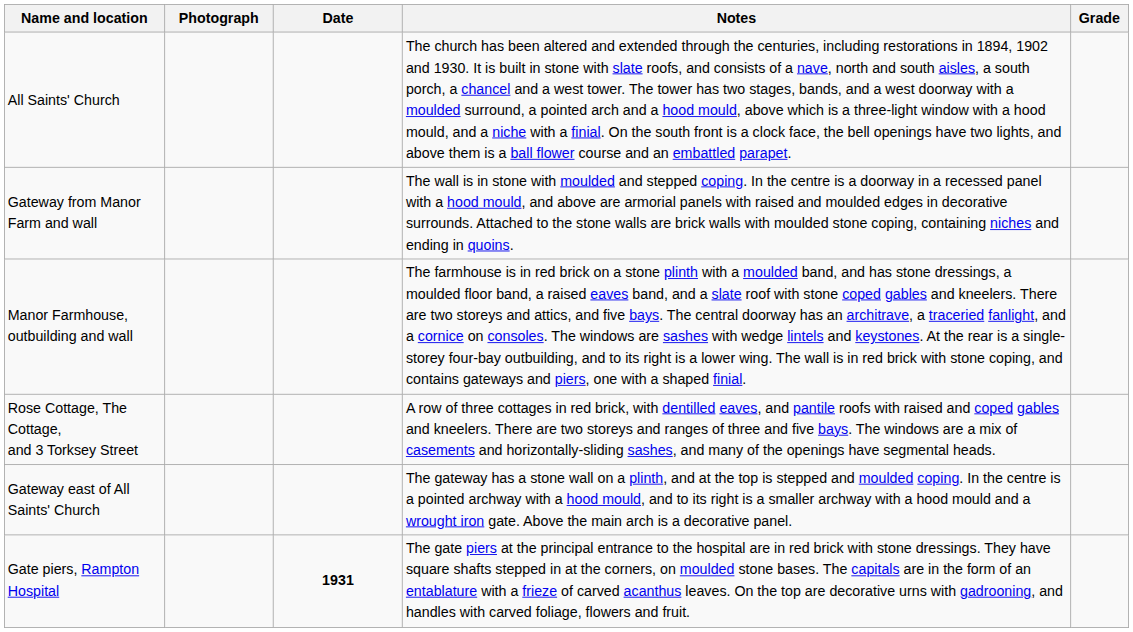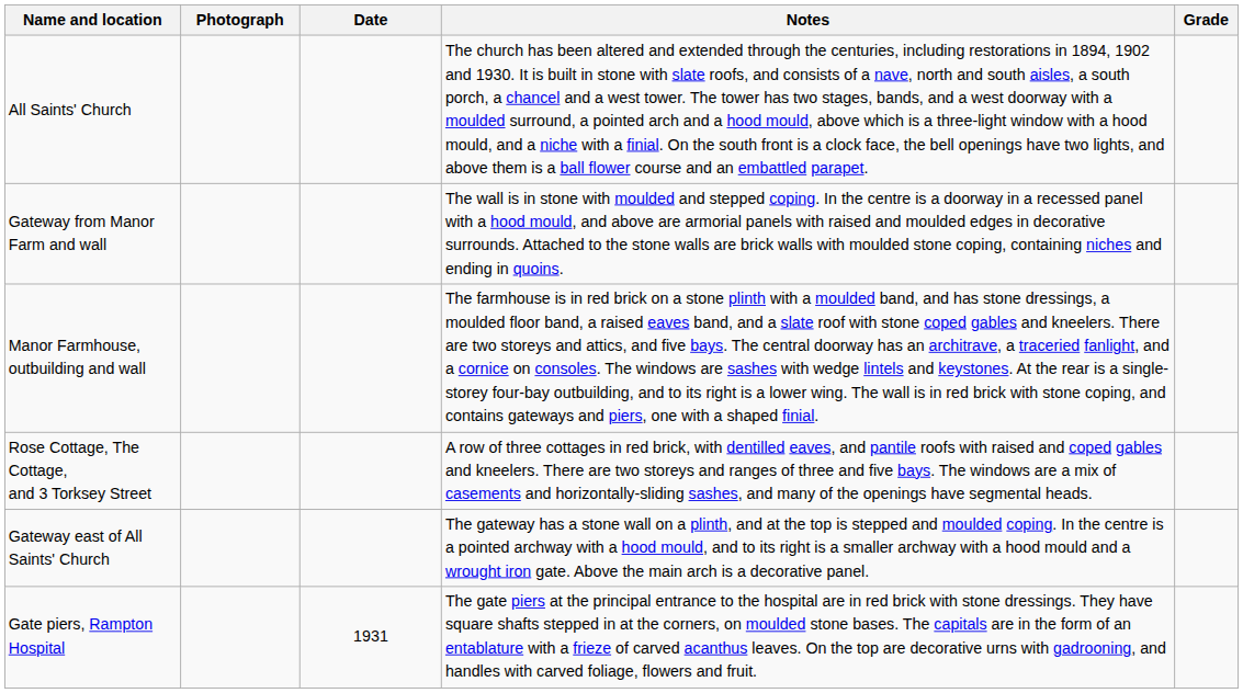 <table class="wikitable sortable plainrowheaders" style="width:100%; border:0px; text-align:left; line-height:150%">
 <tr>
 <th scope="col"  style="width:150px">Name and location</th>
 <th scope="col"  style="width:100px" class="unsortable">Photograph</th>
 <th scope="col"  style="width:120px">Date</th>
 <th scope="col"  style="width:650px" class="unsortable">Notes</th>
 <th scope="col"  style="width:50px">Grade</th>
 </tr>
 <tr>
 <td>All Saints' Church<br><small></small></td>
 <td></td>
 <td align="center"></td>
 <td>The church has been altered and extended through the centuries, including restorations in 1894, 1902 and 1930.  It is built in stone with <a href='#'>slate</a> roofs, and consists of a <a href='#'>nave</a>, north and south <a href='#'>aisles</a>, a south porch, a <a href='#'>chancel</a> and a west tower.  The tower has two stages, bands, and a west doorway with a <a href='#'>moulded</a> surround, a pointed arch and a <a href='#'>hood mould</a>, above which is a three-light window with a hood mould, and a <a href='#'>niche</a> with a <a href='#'>finial</a>.  On the south front is a clock face, the bell openings have two lights, and above them is a <a href='#'>ball flower</a> course and an <a href='#'>embattled</a> <a href='#'>parapet</a>.</td>
 <td align="center" ></td>
 </tr>
 <tr>
 <td>Gateway from Manor Farm and wall<br><small></small></td>
 <td></td>
 <td align="center"></td>
 <td>The wall is in stone with <a href='#'>moulded</a> and stepped <a href='#'>coping</a>.  In the centre is a doorway in a recessed panel with a <a href='#'>hood mould</a>, and above are armorial panels with raised and moulded edges in decorative surrounds.  Attached to the stone walls are brick walls with moulded stone coping, containing <a href='#'>niches</a> and ending in <a href='#'>quoins</a>.</td>
 <td align="center" ></td>
 </tr>
 <tr>
 <td>Manor Farmhouse, outbuilding and wall<br><small></small></td>
 <td></td>
 <td align="center"></td>
 <td>The farmhouse is in red brick on a stone <a href='#'>plinth</a> with a <a href='#'>moulded</a> band, and has stone dressings, a moulded floor band, a raised <a href='#'>eaves</a> band, and a <a href='#'>slate</a> roof with stone <a href='#'>coped</a> <a href='#'>gables</a> and kneelers.  There are two storeys and attics, and five <a href='#'>bays</a>.  The central doorway has an <a href='#'>architrave</a>, a <a href='#'>traceried</a> <a href='#'>fanlight</a>, and a <a href='#'>cornice</a> on <a href='#'>consoles</a>.  The windows are <a href='#'>sashes</a> with wedge <a href='#'>lintels</a> and <a href='#'>keystones</a>.  At the rear is a single-storey four-bay outbuilding, and to its right is a lower wing.  The wall is in red brick with stone coping, and contains gateways and <a href='#'>piers</a>, one with a shaped <a href='#'>finial</a>.</td>
 <td align="center" ></td>
 </tr>
 <tr>
 <td>Rose Cottage, The Cottage,<br>and 3 Torksey Street<br><small></small></td>
 <td></td>
 <td align="center"></td>
 <td>A row of three cottages in red brick, with <a href='#'>dentilled</a> <a href='#'>eaves</a>, and <a href='#'>pantile</a> roofs with raised and <a href='#'>coped</a> <a href='#'>gables</a> and kneelers.  There are two storeys and ranges of three and five <a href='#'>bays</a>.  The windows are a mix of <a href='#'>casements</a> and horizontally-sliding <a href='#'>sashes</a>, and many of the openings have segmental heads.</td>
 <td align="center" ></td>
 </tr>
 <tr>
 <td>Gateway east of All Saints' Church<br><small></small></td>
 <td></td>
 <td align="center"></td>
 <td>The gateway has a stone wall on a <a href='#'>plinth</a>, and at the top is stepped and <a href='#'>moulded</a> <a href='#'>coping</a>.  In the centre is a pointed archway with a <a href='#'>hood mould</a>, and to its right is a smaller archway with a hood mould and a <a href='#'>wrought iron</a> gate.  Above the main arch is a decorative panel.</td>
 <td align="center" ></td>
 </tr>
 <tr>
 <td>Gate piers, <a href='#'>Rampton Hospital</a><br><small></small></td>
 <td></td>
-<td align="center"><strong>1931</strong></td>
+<td align="center">1931</td>
 <td>The gate <a href='#'>piers</a> at the principal entrance to the hospital are in red brick with stone dressings.  They have square shafts stepped in at the corners, on <a href='#'>moulded</a> stone bases.  The <a href='#'>capitals</a> are in the form of an <a href='#'>entablature</a> with a <a href='#'>frieze</a> of carved <a href='#'>acanthus</a> leaves.  On the top are decorative urns with <a href='#'>gadrooning</a>, and handles with carved foliage, flowers and fruit.</td>
 <td align="center" ></td>
 </tr>
 <tr>
 </tr>
 </table>
